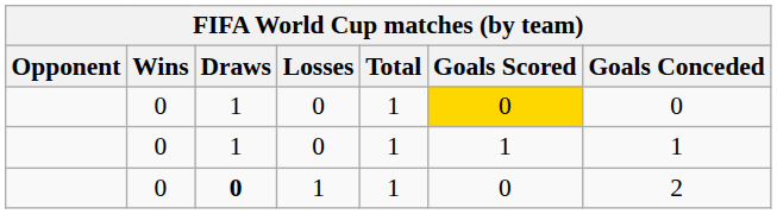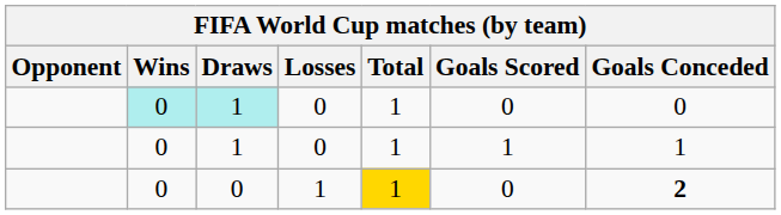 <table class="wikitable sortable" style="text-align: center;">
 <tr>
 <th colspan=7>FIFA World Cup matches (by team)</th>
 </tr>
 <tr>
 <th>Opponent</th>
 <th>Wins</th>
 <th>Draws</th>
 <th>Losses</th>
 <th>Total</th>
 <th>Goals Scored</th>
 <th>Goals Conceded</th>
 </tr>
 <tr>
 <td align="left"></td>
+<td style="background: paleturquoise;">0</td>
+<td style="background: paleturquoise;">1</td>
 <td>0</td>
 <td>1</td>
 <td>0</td>
-<td>1</td>
-<td style="background: gold;">0</td>
 <td>0</td>
 </tr>
 <tr>
 <td align="left"></td>
 <td>0</td>
 <td>1</td>
 <td>0</td>
 <td>1</td>
 <td>1</td>
 <td>1</td>
 </tr>
 <tr>
 <td align="left"></td>
 <td>0</td>
-<td><strong>0</strong></td>
+<td>0</td>
 <td>1</td>
-<td>1</td>
+<td style="background: gold;">1</td>
 <td>0</td>
-<td>2</td>
+<td><strong>2</strong></td>
 </tr>
 </table>
